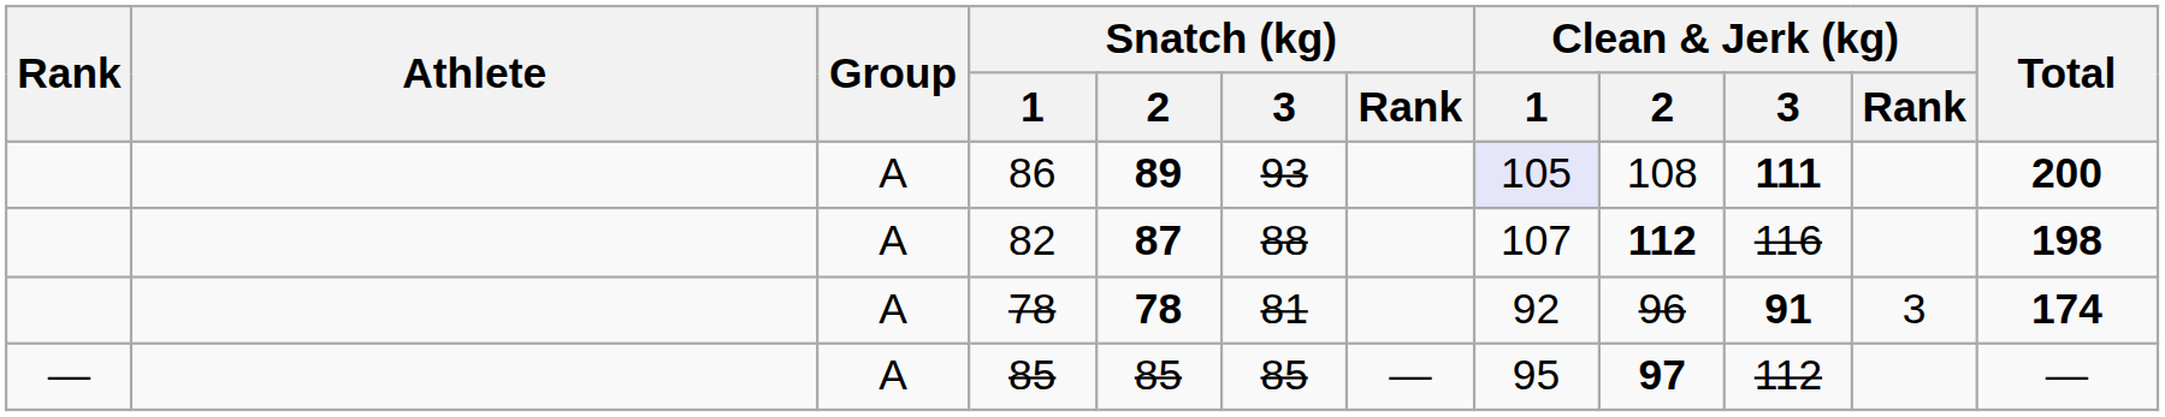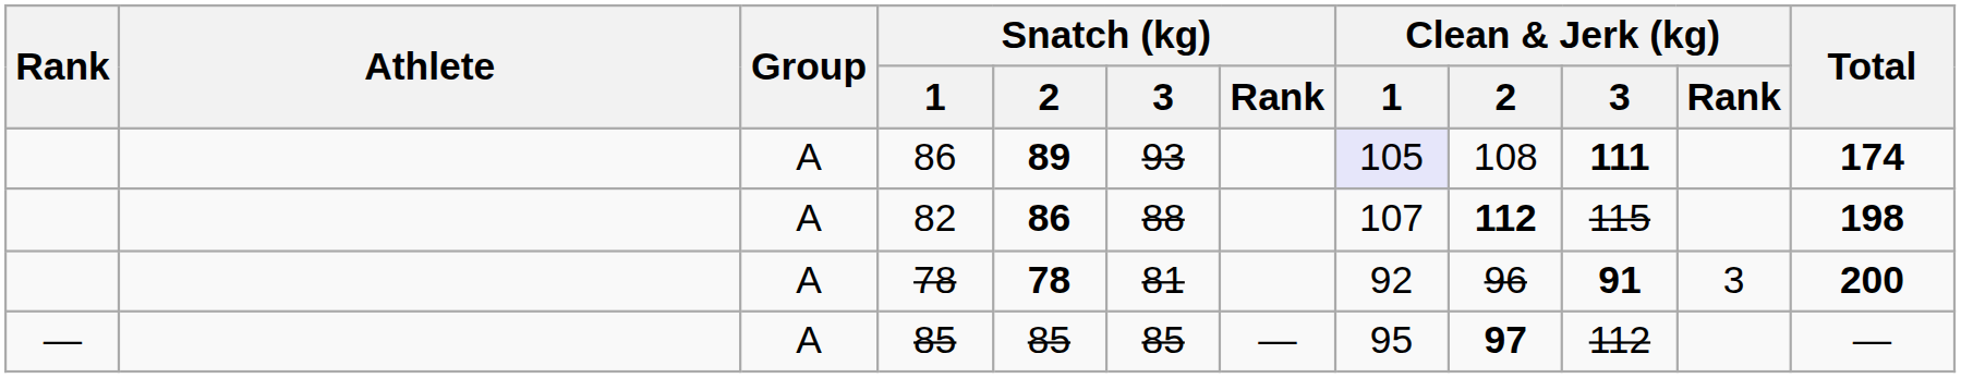 <table class = "wikitable" style="text-align:center;">
 <tr>
 <th rowspan=2 width=40>Rank</th>
 <th rowspan=2 width=250>Athlete</th>
 <th rowspan=2 width=50>Group</th>
 <th colspan=4>Snatch (kg)</th>
 <th colspan=4>Clean & Jerk (kg)</th>
 <th rowspan=2 width=60>Total</th>
 </tr>
 <tr>
 <th width=40>1</th>
 <th width=40>2</th>
 <th width=40>3</th>
 <th width=40>Rank</th>
 <th width=40>1</th>
 <th width=40>2</th>
 <th width=40>3</th>
 <th width=40>Rank</th>
 </tr>
 <tr>
 <td></td>
 <td align=left></td>
 <td>A</td>
 <td>86</td>
 <td><strong>89</strong></td>
 <td><s>93</s></td>
 <td></td>
 <td style="background: lavender;">105</td>
 <td>108</td>
 <td><strong>111</strong></td>
 <td></td>
-<td><strong>200</strong></td>
+<td><strong>174</strong></td>
 </tr>
 <tr>
 <td></td>
 <td align=left></td>
 <td>A</td>
 <td>82</td>
-<td><strong>87</strong></td>
+<td><strong>86</strong></td>
 <td><s>88</s></td>
 <td></td>
 <td>107</td>
 <td><strong>112</strong></td>
-<td><s>116</s></td>
+<td><s>115</s></td>
 <td></td>
 <td><strong>198</strong></td>
 </tr>
 <tr>
 <td></td>
 <td align=left></td>
 <td>A</td>
 <td><s>78</s></td>
 <td><strong>78</strong></td>
 <td><s>81</s></td>
 <td></td>
 <td>92</td>
 <td><s>96</s></td>
 <td><strong>91</strong></td>
 <td>3</td>
-<td><strong>174</strong></td>
+<td><strong>200</strong></td>
 </tr>
 <tr>
 <td>—</td>
 <td align=left></td>
 <td>A</td>
 <td><s>85</s></td>
 <td><s>85</s></td>
 <td><s>85</s></td>
 <td>—</td>
 <td>95</td>
 <td><strong>97</strong></td>
 <td><s>112</s></td>
 <td></td>
 <td>—</td>
 </tr>
 </table>
